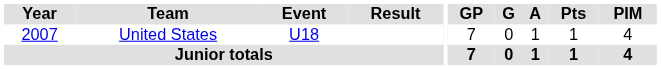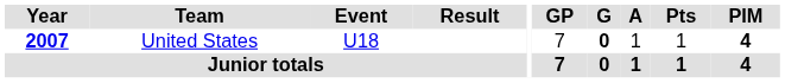 <table border="0" cellpadding="1" cellspacing="0" ID="Table3" style="text-align:center; width:40em">
 <tr ALIGN="center" bgcolor="#e0e0e0">
 <th>Year</th>
 <th>Team</th>
 <th>Event</th>
 <th>Result</th>
 <th rowspan="99" bgcolor="#ffffff"></th>
 <th>GP</th>
 <th>G</th>
 <th>A</th>
 <th>Pts</th>
 <th>PIM</th>
 </tr>
 <tr>
-<td><a href='#'>2007</a></td>
+<td><strong><a href='#'>2007</a></strong></td>
 <td><a href='#'>United States</a></td>
 <td><a href='#'>U18</a></td>
 <td></td>
 <td>7</td>
-<td>0</td>
+<td><strong>0</strong></td>
 <td>1</td>
 <td>1</td>
-<td>4</td>
+<td><strong>4</strong></td>
 </tr>
 <tr bgcolor="#e0e0e0">
 <th colspan="4">Junior totals</th>
 <th>7</th>
 <th>0</th>
 <th>1</th>
 <th>1</th>
 <th>4</th>
 </tr>
 </table>
